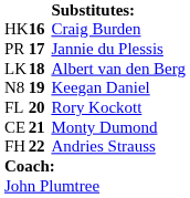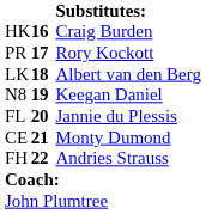 <table style="font-size: 90%" cellspacing="0" cellpadding="0">
 <tr>
 <th width="20"></th>
 <th width="20"></th>
 <td colspan=3><strong>Substitutes:</strong></td>
 </tr>
 <tr>
 <td>HK</td>
 <td><strong>16</strong></td>
 <td><a href='#'>Craig Burden</a></td>
 </tr>
 <tr>
 <td>PR</td>
 <td><strong>17</strong></td>
-<td><a href='#'>Jannie du Plessis</a></td>
+<td><a href='#'>Rory Kockott</a></td>
 </tr>
 <tr>
 <td>LK</td>
 <td><strong>18</strong></td>
 <td><a href='#'>Albert van den Berg</a></td>
 <td></td>
 <td></td>
 </tr>
 <tr>
 <td>N8</td>
 <td><strong>19</strong></td>
 <td><a href='#'>Keegan Daniel</a></td>
 <td></td>
 <td></td>
 </tr>
 <tr>
 <td>FL</td>
 <td><strong>20</strong></td>
-<td><a href='#'>Rory Kockott</a></td>
+<td><a href='#'>Jannie du Plessis</a></td>
 </tr>
 <tr>
 <td>CE</td>
 <td><strong>21</strong></td>
 <td><a href='#'>Monty Dumond</a></td>
 <td></td>
 <td></td>
 </tr>
 <tr>
 <td>FH</td>
 <td><strong>22</strong></td>
 <td><a href='#'>Andries Strauss</a></td>
 </tr>
 <tr>
 <td colspan="3"><strong>Coach:</strong></td>
 </tr>
 <tr>
 <td colspan="4"> <a href='#'>John Plumtree</a></td>
 </tr>
 </table>
